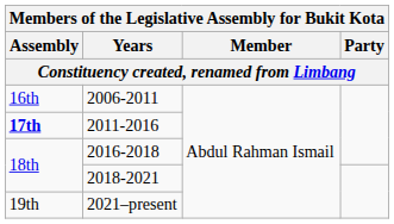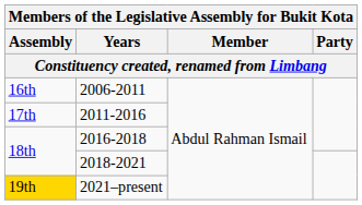 <table class=wikitable>
 <tr>
 <th colspan="4">Members of the Legislative Assembly for Bukit Kota</th>
 </tr>
 <tr>
 <th>Assembly</th>
 <th>Years</th>
 <th>Member</th>
 <th>Party</th>
 </tr>
 <tr>
 <th colspan=4 align=center><em>Constituency created, renamed from <a href='#'>Limbang</a></em></th>
 </tr>
 <tr>
 <td><a href='#'>16th</a></td>
 <td>2006-2011</td>
 <td rowspan="5">Abdul Rahman Ismail</td>
 <td rowspan=3 bgcolor=></td>
 </tr>
 <tr>
-<td><strong><a href='#'>17th</a></strong></td>
+<td><a href='#'>17th</a></td>
 <td>2011-2016</td>
 </tr>
 <tr>
 <td rowspan="2"><a href='#'>18th</a></td>
 <td>2016-2018</td>
 </tr>
 <tr>
 <td>2018-2021</td>
 <td rowspan="2" bgcolor=></td>
 </tr>
 <tr>
-<td>19th</td>
+<td style="background: gold;">19th</td>
 <td>2021–present</td>
 </tr>
 </table>
